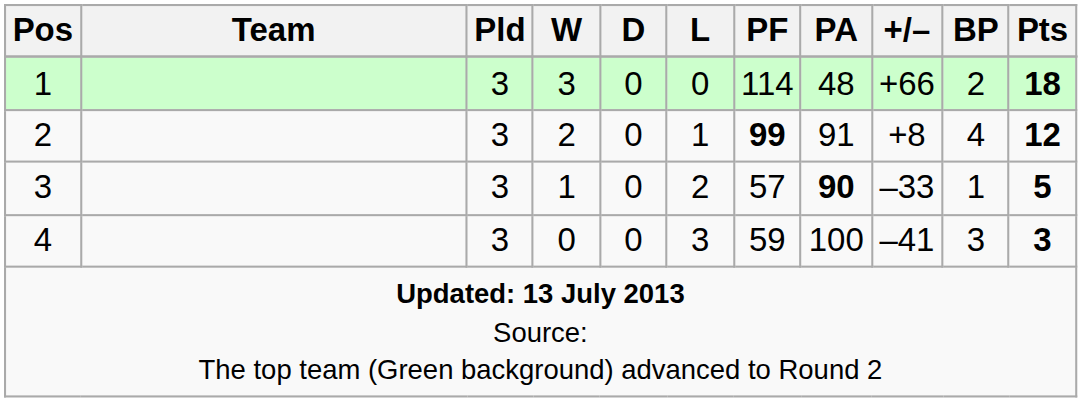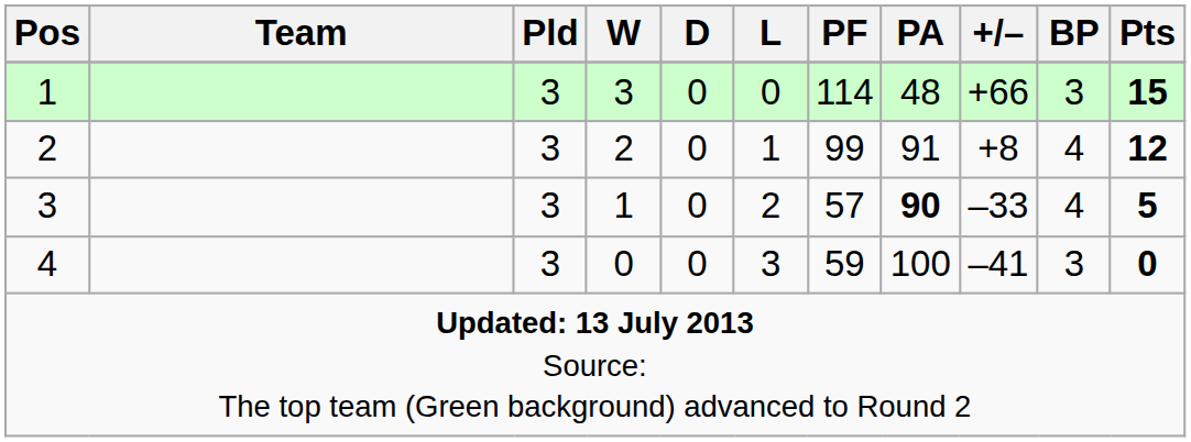 <table class="wikitable" style="text-align: center; font-size: 100%;">
 <tr>
 <th width=25>Pos</th>
 <th width=180>Team</th>
 <th width=25>Pld</th>
 <th width=25>W</th>
 <th width=25>D</th>
 <th width=25>L</th>
 <th width=25>PF</th>
 <th width=25>PA</th>
 <th width=25>+/–</th>
 <th width=25>BP</th>
 <th width=25>Pts</th>
 </tr>
 <tr>
 </tr>
 <tr bgcolor="#ccffcc">
 <td>1</td>
 <td align="left"></td>
 <td>3</td>
 <td>3</td>
 <td>0</td>
 <td>0</td>
 <td>114</td>
 <td>48</td>
 <td>+66</td>
-<td>2</td>
-<td><strong>18</strong></td>
+<td>3</td>
+<td><strong>15</strong></td>
 </tr>
 <tr>
 <td>2</td>
 <td align="left"></td>
 <td>3</td>
 <td>2</td>
 <td>0</td>
 <td>1</td>
-<td><strong>99</strong></td>
+<td>99</td>
 <td>91</td>
 <td>+8</td>
 <td>4</td>
 <td><strong>12</strong></td>
 </tr>
 <tr>
 <td>3</td>
 <td align="left"></td>
 <td>3</td>
 <td>1</td>
 <td>0</td>
 <td>2</td>
 <td>57</td>
 <td><strong>90</strong></td>
 <td>–33</td>
-<td>1</td>
+<td>4</td>
 <td><strong>5</strong></td>
 </tr>
 <tr>
 <td>4</td>
 <td align="left"></td>
 <td>3</td>
 <td>0</td>
 <td>0</td>
 <td>3</td>
 <td>59</td>
 <td>100</td>
 <td>–41</td>
 <td>3</td>
-<td><strong>3</strong></td>
+<td><strong>0</strong></td>
 </tr>
 <tr bgcolor="#f9f9f9" align=center>
 <td colspan="100%" style="text-align:center; line-height:110%;"><small><strong>Updated: 13 July 2013</strong><br>Source: </small><br> <small>The top team <span>(Green background)</span> advanced to Round 2</small></td>
 </tr>
 </table>
